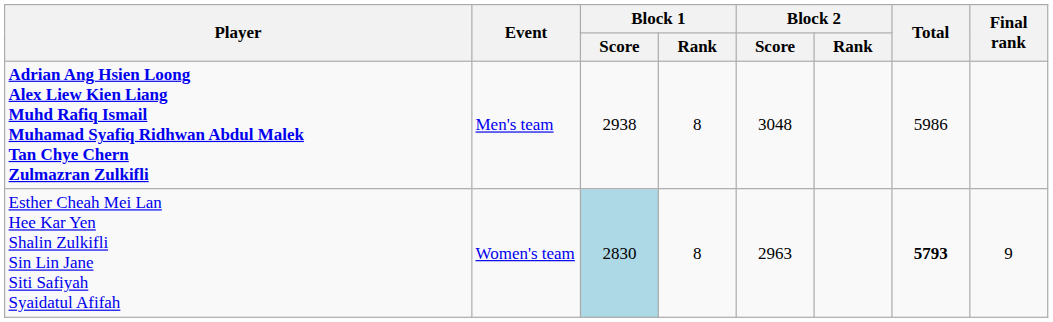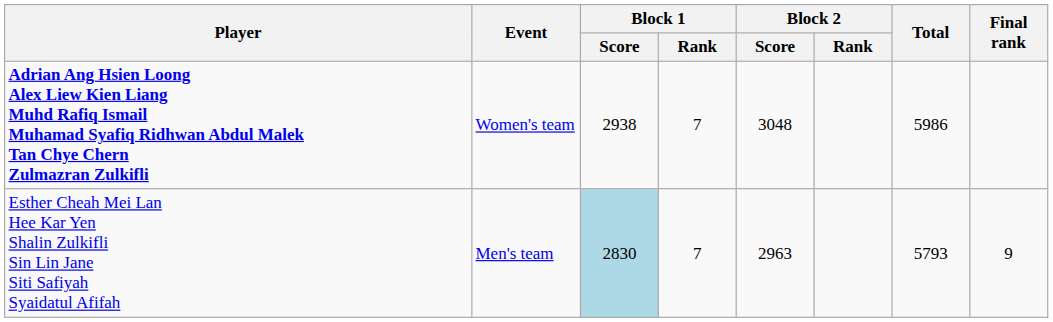 <table class="wikitable" width="70%" style="text-align:center; font-size:90%">
 <tr>
 <th rowspan=2 width="30%">Player</th>
 <th rowspan=2 width="7%">Event</th>
 <th colspan=2 width="10%">Block 1</th>
 <th colspan=2 width="10%">Block 2</th>
 <th rowspan=2 width="5%">Total</th>
 <th rowspan=2 width="5%">Final rank</th>
 </tr>
 <tr>
 <th width="5%">Score</th>
 <th width="5%">Rank</th>
 <th width="5%">Score</th>
 <th width="5%">Rank</th>
 </tr>
 <tr>
 <td align=left><strong><a href='#'>Adrian Ang Hsien Loong</a><br><a href='#'>Alex Liew Kien Liang</a><br><a href='#'>Muhd Rafiq Ismail</a><br><a href='#'>Muhamad Syafiq Ridhwan Abdul Malek</a><br><a href='#'>Tan Chye Chern</a><br><a href='#'>Zulmazran Zulkifli</a></strong></td>
-<td align=left><a href='#'>Men's team</a></td>
+<td align=left><a href='#'>Women's team</a></td>
 <td>2938</td>
-<td>8</td>
+<td>7</td>
 <td>3048</td>
 <td></td>
 <td>5986</td>
 <td></td>
 </tr>
 <tr>
 <td align=left><a href='#'>Esther Cheah Mei Lan</a><br><a href='#'>Hee Kar Yen</a><br><a href='#'>Shalin Zulkifli</a><br><a href='#'>Sin Lin Jane</a><br><a href='#'>Siti Safiyah</a><br><a href='#'>Syaidatul Afifah</a></td>
-<td align=left><a href='#'>Women's team</a></td>
+<td align=left><a href='#'>Men's team</a></td>
 <td style="background: lightblue;">2830</td>
-<td>8</td>
+<td>7</td>
 <td>2963</td>
 <td></td>
-<td><strong>5793</strong></td>
+<td>5793</td>
 <td>9</td>
 </tr>
 </table>
